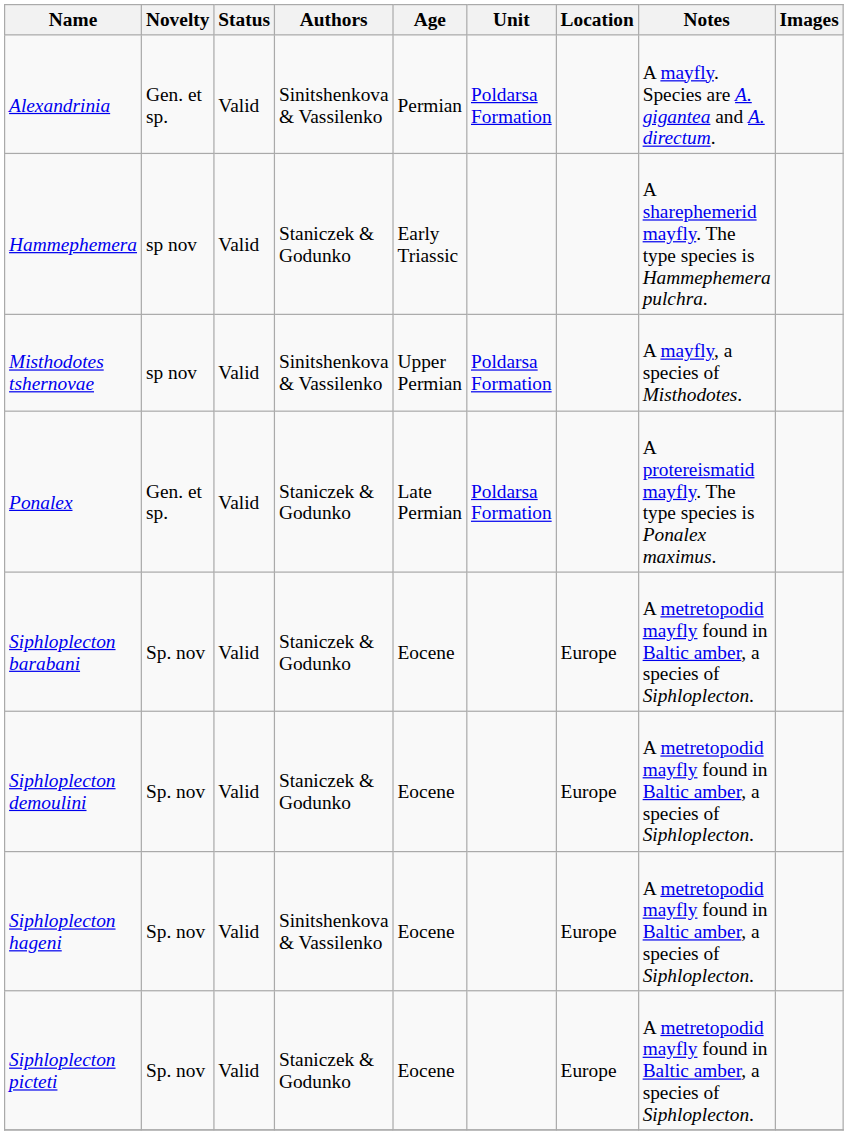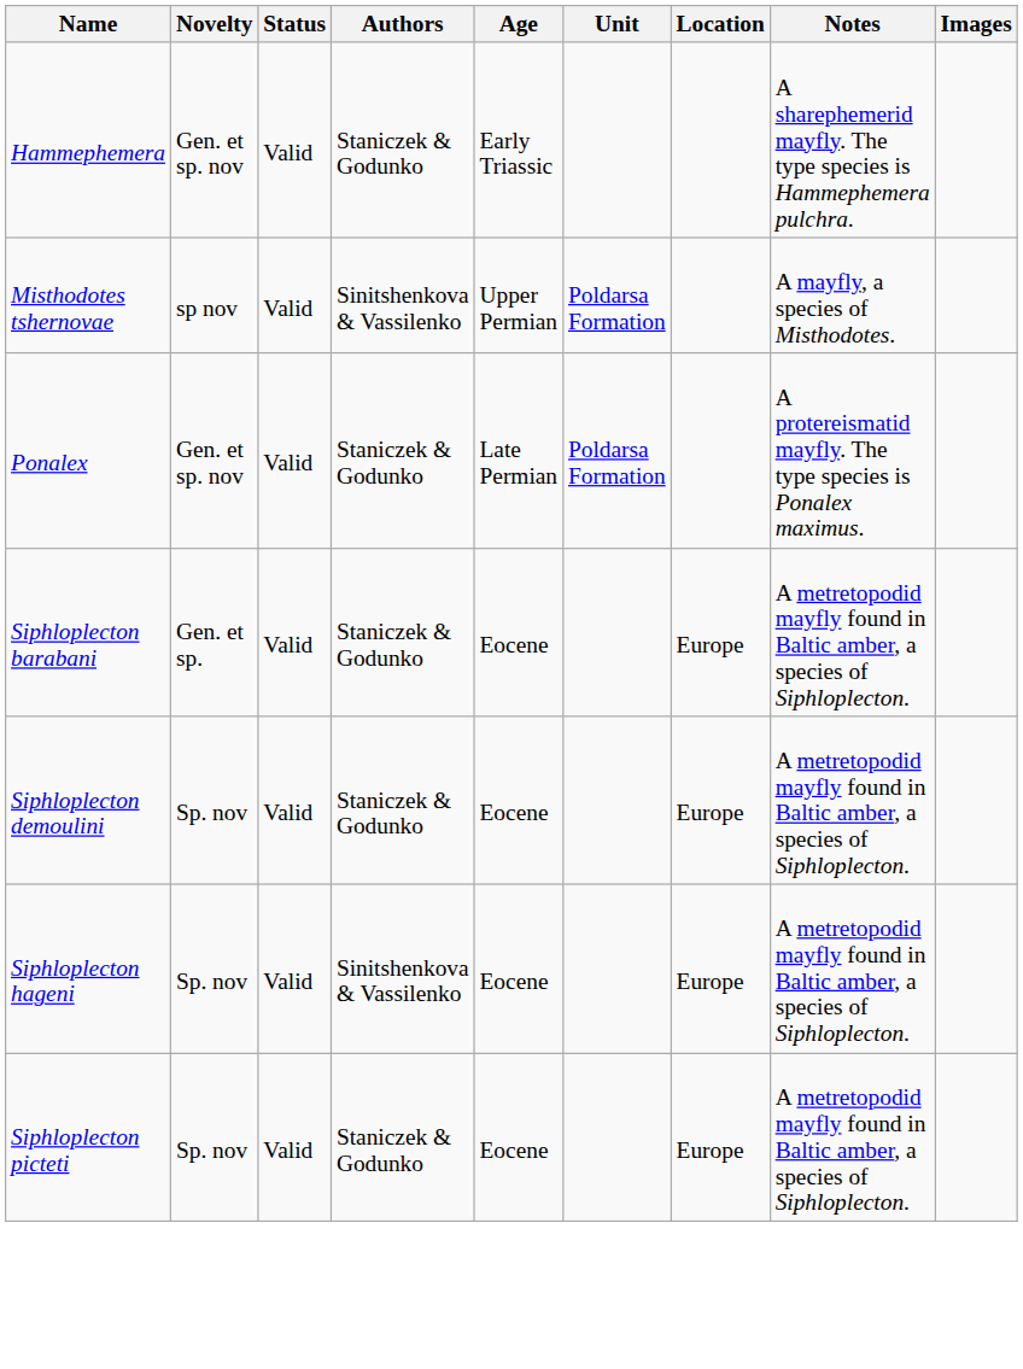 <table class="wikitable sortable" align="center" width="100%">
 <tr>
 <th>Name</th>
 <th>Novelty</th>
 <th>Status</th>
 <th>Authors</th>
 <th>Age</th>
 <th>Unit</th>
 <th>Location</th>
 <th>Notes</th>
 <th>Images</th>
 </tr>
 <tr>
-<td><br><em><a href='#'>Alexandrinia</a></em></td>
-<td><br>Gen. et sp.</td>
-<td><br>Valid</td>
-<td><br>Sinitshenkova & Vassilenko</td>
-<td><br>Permian</td>
-<td><br><a href='#'>Poldarsa Formation</a></td>
-<td><br><br> </td>
-<td><br>A <a href='#'>mayfly</a>. Species are <em><a href='#'>A. gigantea</a></em> and <em><a href='#'>A. directum</a></em>.</td>
-<td></td>
-</tr>
-<tr>
 <td><br><em><a href='#'>Hammephemera</a></em></td>
-<td><br>sp nov</td>
+<td><br>Gen. et sp. nov</td>
 <td><br>Valid</td>
 <td><br>Staniczek & Godunko</td>
 <td><br>Early Triassic</td>
 <td></td>
 <td><br></td>
 <td><br>A <a href='#'>sharephemerid</a> <a href='#'>mayfly</a>. The type species is <em>Hammephemera pulchra</em>.</td>
 <td></td>
 </tr>
 <tr>
 <td><br><em><a href='#'>Misthodotes tshernovae</a></em></td>
 <td><br>sp nov</td>
 <td><br>Valid</td>
 <td><br>Sinitshenkova & Vassilenko</td>
 <td><br>Upper Permian</td>
 <td><br><a href='#'>Poldarsa Formation</a></td>
 <td><br></td>
 <td><br>A <a href='#'>mayfly</a>, a species of <em>Misthodotes</em>.</td>
 <td></td>
 </tr>
 <tr>
 <td><br><em><a href='#'>Ponalex</a></em></td>
-<td><br>Gen. et sp.</td>
+<td><br>Gen. et sp. nov</td>
 <td><br>Valid</td>
 <td><br>Staniczek & Godunko</td>
 <td><br>Late Permian</td>
 <td><br><a href='#'>Poldarsa Formation</a></td>
 <td><br></td>
 <td><br>A <a href='#'>protereismatid</a> <a href='#'>mayfly</a>. The type species is <em>Ponalex maximus</em>.</td>
 <td></td>
 </tr>
 <tr>
 <td><br><em><a href='#'>Siphloplecton barabani</a></em></td>
-<td><br>Sp. nov</td>
+<td><br>Gen. et sp.</td>
 <td><br>Valid</td>
 <td><br>Staniczek & Godunko</td>
 <td><br>Eocene</td>
 <td></td>
 <td><br>Europe</td>
 <td><br>A <a href='#'>metretopodid</a> <a href='#'>mayfly</a> found in <a href='#'>Baltic amber</a>, a species of <em>Siphloplecton</em>.</td>
 <td></td>
 </tr>
 <tr>
 <td><br><em><a href='#'>Siphloplecton demoulini</a></em></td>
 <td><br>Sp. nov</td>
 <td><br>Valid</td>
 <td><br>Staniczek & Godunko</td>
 <td><br>Eocene</td>
 <td></td>
 <td><br>Europe</td>
 <td><br>A <a href='#'>metretopodid</a> <a href='#'>mayfly</a> found in <a href='#'>Baltic amber</a>, a species of <em>Siphloplecton</em>.</td>
 <td></td>
 </tr>
 <tr>
 <td><br><em><a href='#'>Siphloplecton hageni</a></em></td>
 <td><br>Sp. nov</td>
 <td><br>Valid</td>
 <td><br>Sinitshenkova & Vassilenko</td>
 <td><br>Eocene</td>
 <td></td>
 <td><br>Europe</td>
 <td><br>A <a href='#'>metretopodid</a> <a href='#'>mayfly</a> found in <a href='#'>Baltic amber</a>, a species of <em>Siphloplecton</em>.</td>
 <td></td>
 </tr>
 <tr>
 <td><br><em><a href='#'>Siphloplecton picteti</a></em></td>
 <td><br>Sp. nov</td>
 <td><br>Valid</td>
 <td><br>Staniczek & Godunko</td>
 <td><br>Eocene</td>
 <td></td>
 <td><br>Europe</td>
 <td><br>A <a href='#'>metretopodid</a> <a href='#'>mayfly</a> found in <a href='#'>Baltic amber</a>, a species of <em>Siphloplecton</em>.</td>
 <td></td>
 </tr>
 <tr>
 </tr>
 </table>
